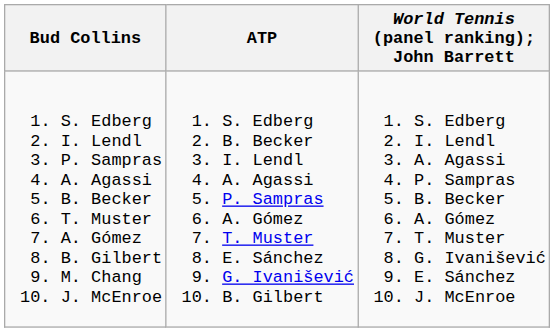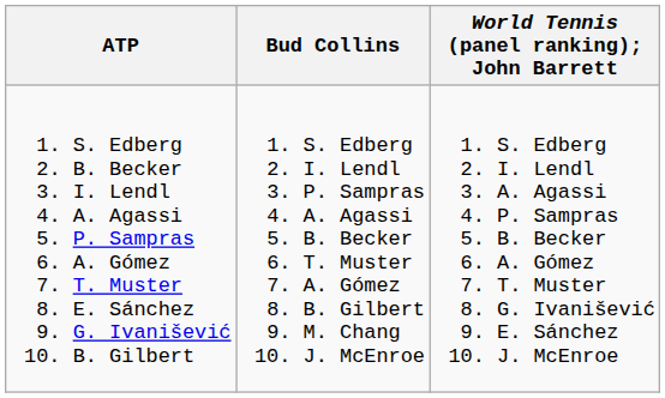 <table class="wikitable">
 <tr>
+<th>ATP</th>
 <th>Bud Collins</th>
-<th>ATP</th>
 <th><em>World Tennis<br></em>(panel ranking);<em><br></em>John Barrett<em></em></th>
 </tr>
 <tr style="vertical-align: top;">
+<td style="white-space: nowrap;"><br><ol><li> S. Edberg</li><li> B. Becker</li><li> I. Lendl</li><li> A. Agassi</li><li> <a href='#'>P. Sampras</a></li><li> A. Gómez</li><li> <a href='#'>T. Muster</a></li><li> E. Sánchez</li><li> <a href='#'>G. Ivanišević</a></li><li> B. Gilbert</li></ol></td>
 <td style="white-space: nowrap;"><br><ol><li> S. Edberg</li><li> I. Lendl</li><li> P. Sampras</li><li> A. Agassi</li><li> B. Becker</li><li> T. Muster</li><li> A. Gómez</li><li> B. Gilbert</li><li> M. Chang</li><li> J. McEnroe</li></ol></td>
-<td style="white-space: nowrap;"><br><ol><li> S. Edberg</li><li> B. Becker</li><li> I. Lendl</li><li> A. Agassi</li><li> <a href='#'>P. Sampras</a></li><li> A. Gómez</li><li> <a href='#'>T. Muster</a></li><li> E. Sánchez</li><li> <a href='#'>G. Ivanišević</a></li><li> B. Gilbert</li></ol></td>
 <td style="white-space: nowrap;"><br><ol><li> S. Edberg</li><li> I. Lendl</li><li> A. Agassi</li><li> P. Sampras</li><li> B. Becker</li><li> A. Gómez</li><li> T. Muster</li><li> G. Ivanišević</li><li> E. Sánchez</li><li> J. McEnroe</li></ol></td>
 </tr>
 </table>
